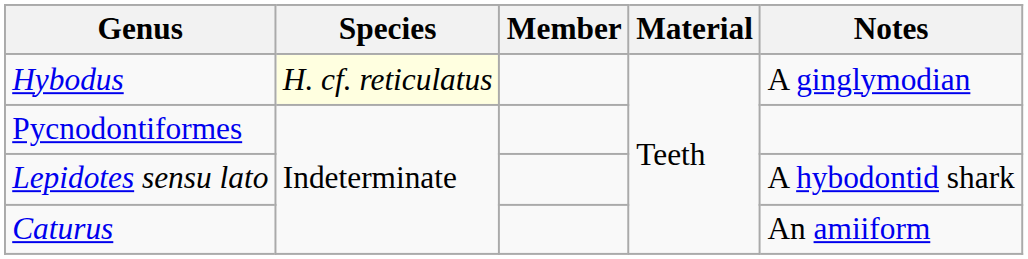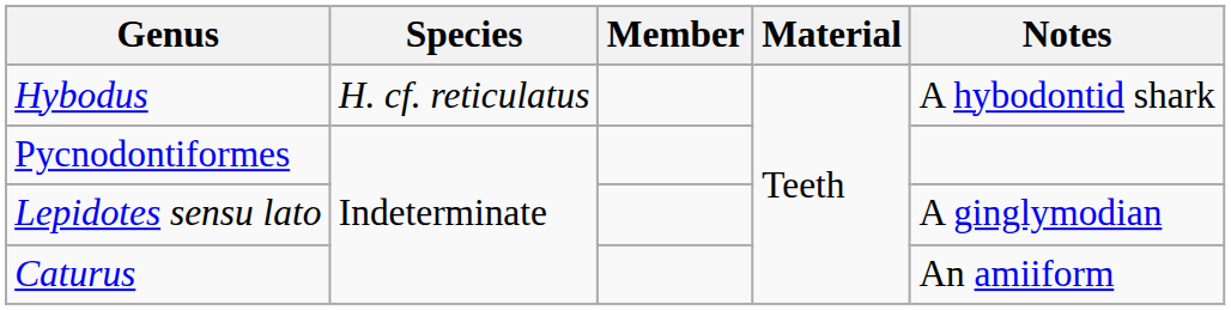 <table class="wikitable" align="center">
 <tr>
 <th>Genus</th>
 <th>Species</th>
 <th>Member</th>
 <th>Material</th>
 <th>Notes</th>
 </tr>
 <tr>
 <td><em><a href='#'>Hybodus</a></em></td>
-<td style="background: lightyellow;"><em>H. cf. reticulatus</em></td>
+<td><em>H. cf. reticulatus</em></td>
 <td></td>
 <td rowspan="4">Teeth</td>
-<td>A <a href='#'>ginglymodian</a></td>
+<td>A <a href='#'>hybodontid</a> shark</td>
 </tr>
 <tr>
 <td><a href='#'>Pycnodontiformes</a></td>
 <td rowspan="3">Indeterminate</td>
 <td></td>
 <td></td>
 </tr>
 <tr>
 <td><em><a href='#'>Lepidotes</a> sensu lato</em></td>
 <td></td>
-<td>A <a href='#'>hybodontid</a> shark</td>
+<td>A <a href='#'>ginglymodian</a></td>
 </tr>
 <tr>
 <td><em><a href='#'>Caturus</a></em></td>
 <td></td>
 <td>An <a href='#'>amiiform</a></td>
 </tr>
 </table>
